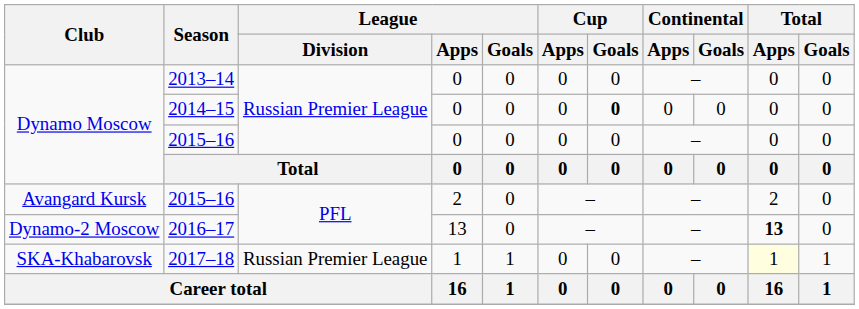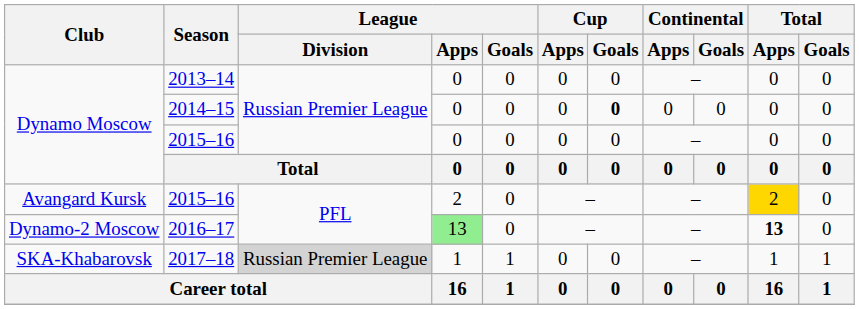 <table class="wikitable" style="text-align: center;">
 <tr>
 <th rowspan=2>Club</th>
 <th rowspan=2>Season</th>
 <th colspan=3>League</th>
 <th colspan=2>Cup</th>
 <th colspan=2>Continental</th>
 <th colspan=2>Total</th>
 </tr>
 <tr>
 <th>Division</th>
 <th>Apps</th>
 <th>Goals</th>
 <th>Apps</th>
 <th>Goals</th>
 <th>Apps</th>
 <th>Goals</th>
 <th>Apps</th>
 <th>Goals</th>
 </tr>
 <tr>
 <td rowspan=4><a href='#'>Dynamo Moscow</a></td>
 <td><a href='#'>2013–14</a></td>
 <td rowspan=3><a href='#'>Russian Premier League</a></td>
 <td>0</td>
 <td>0</td>
 <td>0</td>
 <td>0</td>
 <td colspan=2>–</td>
 <td>0</td>
 <td>0</td>
 </tr>
 <tr>
 <td><a href='#'>2014–15</a></td>
 <td>0</td>
 <td>0</td>
 <td>0</td>
 <td><strong>0</strong></td>
 <td>0</td>
 <td>0</td>
 <td>0</td>
 <td>0</td>
 </tr>
 <tr>
 <td><a href='#'>2015–16</a></td>
 <td>0</td>
 <td>0</td>
 <td>0</td>
 <td>0</td>
 <td colspan=2>–</td>
 <td>0</td>
 <td>0</td>
 </tr>
 <tr>
 <th colspan=2>Total</th>
 <th>0</th>
 <th>0</th>
 <th>0</th>
 <th>0</th>
 <th>0</th>
 <th>0</th>
 <th>0</th>
 <th>0</th>
 </tr>
 <tr>
 <td><a href='#'>Avangard Kursk</a></td>
 <td><a href='#'>2015–16</a></td>
 <td rowspan=2><a href='#'>PFL</a></td>
 <td>2</td>
 <td>0</td>
 <td colspan=2>–</td>
 <td colspan=2>–</td>
-<td>2</td>
+<td style="background: gold;">2</td>
 <td>0</td>
 </tr>
 <tr>
 <td><a href='#'>Dynamo-2 Moscow</a></td>
 <td><a href='#'>2016–17</a></td>
-<td>13</td>
+<td style="background: lightgreen;">13</td>
 <td>0</td>
 <td colspan=2>–</td>
 <td colspan=2>–</td>
 <td><strong>13</strong></td>
 <td>0</td>
 </tr>
 <tr>
 <td><a href='#'>SKA-Khabarovsk</a></td>
 <td><a href='#'>2017–18</a></td>
-<td>Russian Premier League</td>
+<td style="background: lightgrey;">Russian Premier League</td>
 <td>1</td>
 <td>1</td>
 <td>0</td>
 <td>0</td>
 <td colspan=2>–</td>
-<td style="background: lightyellow;">1</td>
+<td>1</td>
 <td>1</td>
 </tr>
 <tr>
 <th colspan=3>Career total</th>
 <th>16</th>
 <th>1</th>
 <th>0</th>
 <th>0</th>
 <th>0</th>
 <th>0</th>
 <th>16</th>
 <th>1</th>
 </tr>
 <tr>
 </tr>
 </table>
